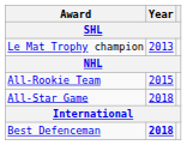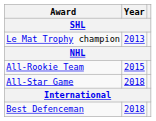 <table class="wikitable">
 <tr>
 <th>Award</th>
 <th>Year</th>
 <th></th>
 </tr>
 <tr>
 <th colspan="3"><a href='#'>SHL</a></th>
 </tr>
 <tr>
 <td><a href='#'>Le Mat Trophy</a> champion</td>
 <td><a href='#'>2013</a></td>
 <td></td>
 </tr>
 <tr>
 <th colspan="3"><a href='#'>NHL</a></th>
 </tr>
 <tr>
 <td><a href='#'>All-Rookie Team</a></td>
 <td><a href='#'>2015</a></td>
 <td></td>
 </tr>
 <tr>
 <td><a href='#'>All-Star Game</a></td>
 <td><a href='#'>2018</a></td>
 <td></td>
 </tr>
 <tr>
 <th colspan="3"><a href='#'>International</a></th>
 </tr>
 <tr>
 <td><a href='#'>Best Defenceman</a></td>
-<td><strong><a href='#'>2018</a></strong></td>
+<td><a href='#'>2018</a></td>
 <td></td>
 </tr>
 </table>
